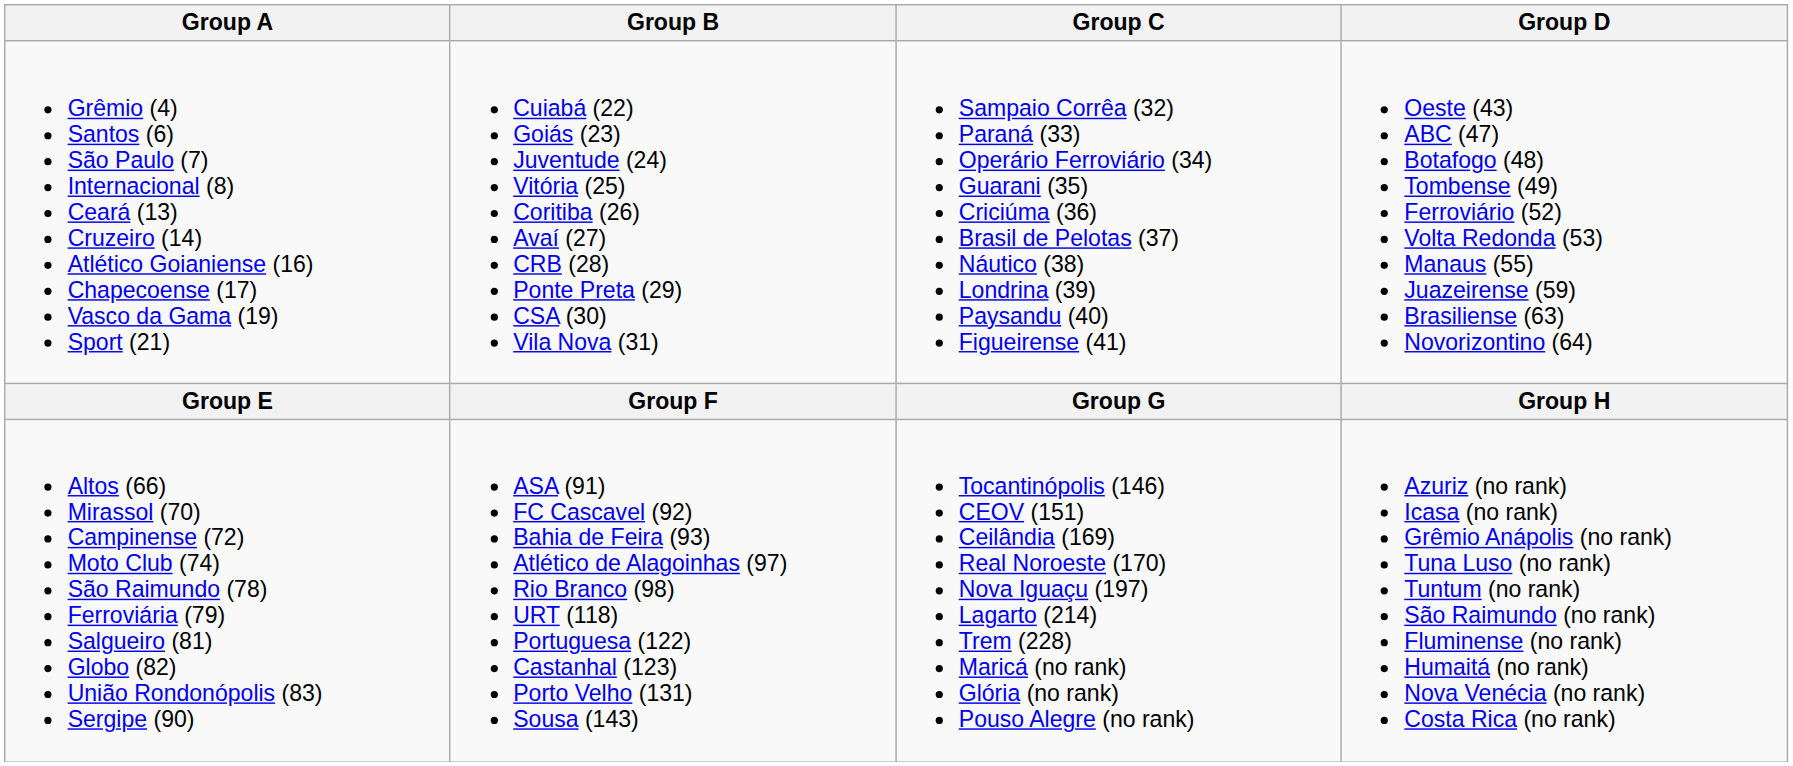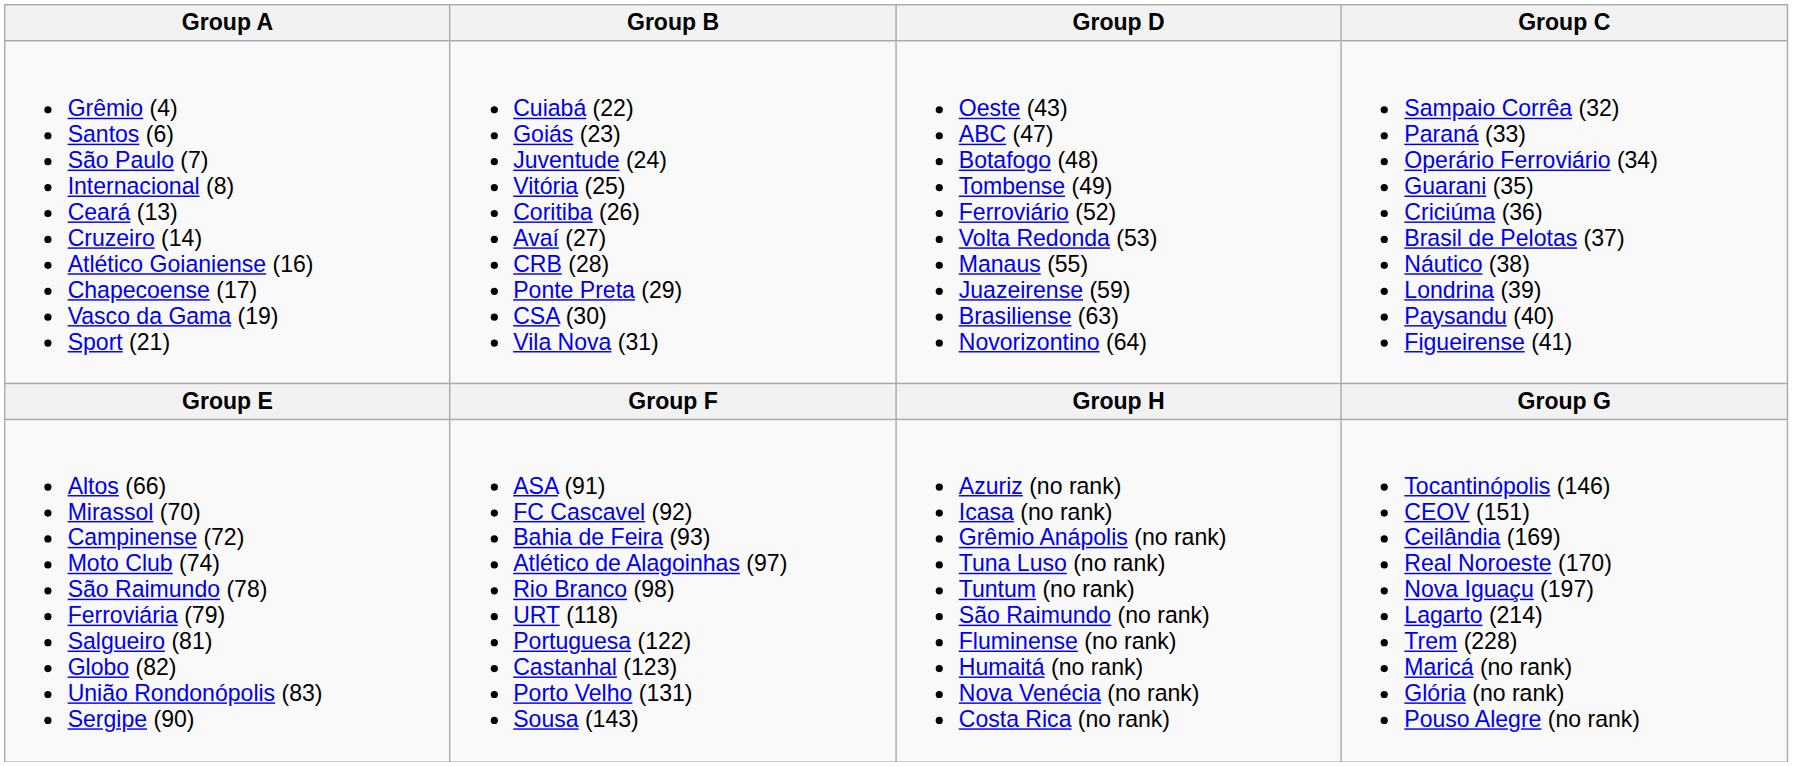 <table class="wikitable" width=98%>
 <tr>
 <th width=25%>Group A</th>
 <th width=25%>Group B</th>
+<th width=25%>Group D</th>
 <th width=25%>Group C</th>
-<th width=25%>Group D</th>
 </tr>
 <tr>
 <td><br><ul><li> <a href='#'>Grêmio</a> (4)</li><li> <a href='#'>Santos</a> (6)</li><li> <a href='#'>São Paulo</a> (7)</li><li> <a href='#'>Internacional</a> (8)</li><li> <a href='#'>Ceará</a> (13)</li><li> <a href='#'>Cruzeiro</a> (14)</li><li> <a href='#'>Atlético Goianiense</a> (16)</li><li> <a href='#'>Chapecoense</a> (17)</li><li> <a href='#'>Vasco da Gama</a> (19)</li><li> <a href='#'>Sport</a> (21)</li></ul></td>
 <td><br><ul><li> <a href='#'>Cuiabá</a> (22)</li><li> <a href='#'>Goiás</a> (23)</li><li> <a href='#'>Juventude</a> (24)</li><li> <a href='#'>Vitória</a> (25)</li><li> <a href='#'>Coritiba</a> (26)</li><li> <a href='#'>Avaí</a> (27)</li><li> <a href='#'>CRB</a> (28)</li><li> <a href='#'>Ponte Preta</a> (29)</li><li> <a href='#'>CSA</a> (30)</li><li> <a href='#'>Vila Nova</a> (31)</li></ul></td>
+<td><br><ul><li> <a href='#'>Oeste</a> (43)</li><li> <a href='#'>ABC</a> (47)</li><li> <a href='#'>Botafogo</a> (48)</li><li> <a href='#'>Tombense</a> (49)</li><li> <a href='#'>Ferroviário</a> (52)</li><li> <a href='#'>Volta Redonda</a> (53)</li><li> <a href='#'>Manaus</a> (55)</li><li> <a href='#'>Juazeirense</a> (59)</li><li> <a href='#'>Brasiliense</a> (63)</li><li> <a href='#'>Novorizontino</a> (64)</li></ul></td>
 <td><br><ul><li> <a href='#'>Sampaio Corrêa</a> (32)</li><li> <a href='#'>Paraná</a> (33)</li><li> <a href='#'>Operário Ferroviário</a> (34)</li><li> <a href='#'>Guarani</a> (35)</li><li> <a href='#'>Criciúma</a> (36)</li><li> <a href='#'>Brasil de Pelotas</a> (37)</li><li> <a href='#'>Náutico</a> (38)</li><li> <a href='#'>Londrina</a> (39)</li><li> <a href='#'>Paysandu</a> (40)</li><li> <a href='#'>Figueirense</a> (41)</li></ul></td>
-<td><br><ul><li> <a href='#'>Oeste</a> (43)</li><li> <a href='#'>ABC</a> (47)</li><li> <a href='#'>Botafogo</a> (48)</li><li> <a href='#'>Tombense</a> (49)</li><li> <a href='#'>Ferroviário</a> (52)</li><li> <a href='#'>Volta Redonda</a> (53)</li><li> <a href='#'>Manaus</a> (55)</li><li> <a href='#'>Juazeirense</a> (59)</li><li> <a href='#'>Brasiliense</a> (63)</li><li> <a href='#'>Novorizontino</a> (64)</li></ul></td>
 </tr>
 <tr>
 <th width=25%>Group E</th>
 <th width=25%>Group F</th>
+<th width=25%>Group H</th>
 <th width=25%>Group G</th>
-<th width=25%>Group H</th>
 </tr>
 <tr>
 <td><br><ul><li> <a href='#'>Altos</a> (66)</li><li> <a href='#'>Mirassol</a> (70)</li><li> <a href='#'>Campinense</a> (72)</li><li> <a href='#'>Moto Club</a> (74)</li><li> <a href='#'>São Raimundo</a> (78)</li><li> <a href='#'>Ferroviária</a> (79)</li><li> <a href='#'>Salgueiro</a> (81)</li><li> <a href='#'>Globo</a> (82)</li><li> <a href='#'>União Rondonópolis</a> (83)</li><li> <a href='#'>Sergipe</a> (90)</li></ul></td>
 <td><br><ul><li> <a href='#'>ASA</a> (91)</li><li> <a href='#'>FC Cascavel</a> (92)</li><li> <a href='#'>Bahia de Feira</a> (93)</li><li> <a href='#'>Atlético de Alagoinhas</a> (97)</li><li> <a href='#'>Rio Branco</a> (98)</li><li> <a href='#'>URT</a> (118)</li><li> <a href='#'>Portuguesa</a> (122)</li><li> <a href='#'>Castanhal</a> (123)</li><li> <a href='#'>Porto Velho</a> (131)</li><li> <a href='#'>Sousa</a> (143)</li></ul></td>
+<td><br><ul><li> <a href='#'>Azuriz</a> (no rank)</li><li> <a href='#'>Icasa</a> (no rank)</li><li> <a href='#'>Grêmio Anápolis</a> (no rank)</li><li> <a href='#'>Tuna Luso</a> (no rank)</li><li> <a href='#'>Tuntum</a> (no rank)</li><li> <a href='#'>São Raimundo</a> (no rank)</li><li> <a href='#'>Fluminense</a> (no rank)</li><li> <a href='#'>Humaitá</a> (no rank)</li><li> <a href='#'>Nova Venécia</a> (no rank)</li><li> <a href='#'>Costa Rica</a> (no rank)</li></ul></td>
 <td><br><ul><li> <a href='#'>Tocantinópolis</a> (146)</li><li> <a href='#'>CEOV</a> (151)</li><li> <a href='#'>Ceilândia</a> (169)</li><li> <a href='#'>Real Noroeste</a> (170)</li><li> <a href='#'>Nova Iguaçu</a> (197)</li><li> <a href='#'>Lagarto</a> (214)</li><li> <a href='#'>Trem</a> (228)</li><li> <a href='#'>Maricá</a> (no rank)</li><li> <a href='#'>Glória</a> (no rank)</li><li> <a href='#'>Pouso Alegre</a> (no rank)</li></ul></td>
-<td><br><ul><li> <a href='#'>Azuriz</a> (no rank)</li><li> <a href='#'>Icasa</a> (no rank)</li><li> <a href='#'>Grêmio Anápolis</a> (no rank)</li><li> <a href='#'>Tuna Luso</a> (no rank)</li><li> <a href='#'>Tuntum</a> (no rank)</li><li> <a href='#'>São Raimundo</a> (no rank)</li><li> <a href='#'>Fluminense</a> (no rank)</li><li> <a href='#'>Humaitá</a> (no rank)</li><li> <a href='#'>Nova Venécia</a> (no rank)</li><li> <a href='#'>Costa Rica</a> (no rank)</li></ul></td>
 </tr>
 </table>
